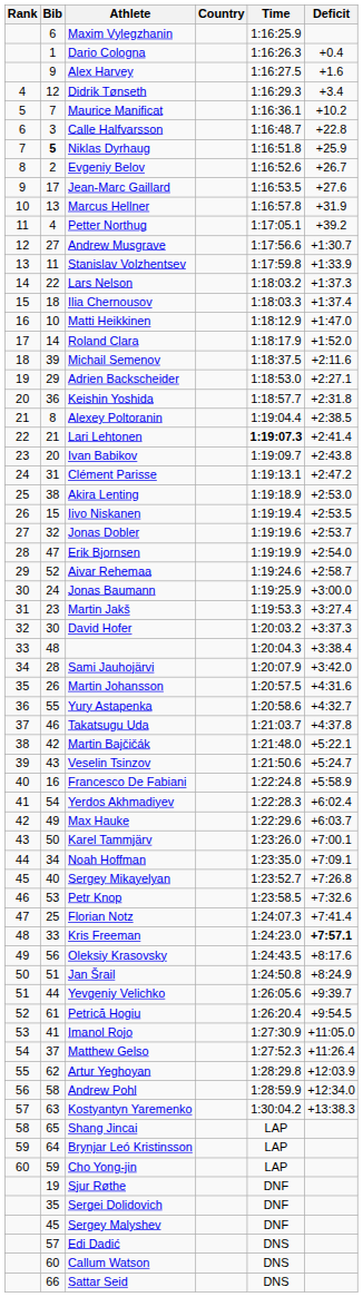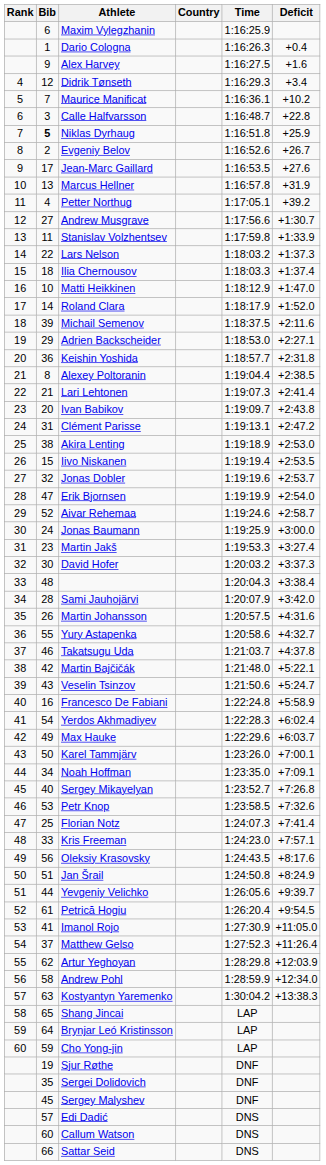 <table class="wikitable sortable" style="text-align:center">
 <tr>
 <th>Rank</th>
 <th>Bib</th>
 <th>Athlete</th>
 <th>Country</th>
 <th>Time</th>
 <th>Deficit</th>
 </tr>
 <tr>
 <td></td>
 <td>6</td>
 <td align=left><a href='#'>Maxim Vylegzhanin</a></td>
 <td align=left></td>
 <td>1:16:25.9</td>
 <td></td>
 </tr>
 <tr>
 <td></td>
 <td>1</td>
 <td align=left><a href='#'>Dario Cologna</a></td>
 <td align=left></td>
 <td>1:16:26.3</td>
 <td>+0.4</td>
 </tr>
 <tr>
 <td></td>
 <td>9</td>
 <td align=left><a href='#'>Alex Harvey</a></td>
 <td align=left></td>
 <td>1:16:27.5</td>
 <td>+1.6</td>
 </tr>
 <tr>
 <td>4</td>
 <td>12</td>
 <td align=left><a href='#'>Didrik Tønseth</a></td>
 <td align=left></td>
 <td>1:16:29.3</td>
 <td>+3.4</td>
 </tr>
 <tr>
 <td>5</td>
 <td>7</td>
 <td align=left><a href='#'>Maurice Manificat</a></td>
 <td align=left></td>
 <td>1:16:36.1</td>
 <td>+10.2</td>
 </tr>
 <tr>
 <td>6</td>
 <td>3</td>
 <td align=left><a href='#'>Calle Halfvarsson</a></td>
 <td align=left></td>
 <td>1:16:48.7</td>
 <td>+22.8</td>
 </tr>
 <tr>
 <td>7</td>
 <td><strong>5</strong></td>
 <td align=left><a href='#'>Niklas Dyrhaug</a></td>
 <td align=left></td>
 <td>1:16:51.8</td>
 <td>+25.9</td>
 </tr>
 <tr>
 <td>8</td>
 <td>2</td>
 <td align=left><a href='#'>Evgeniy Belov</a></td>
 <td align=left></td>
 <td>1:16:52.6</td>
 <td>+26.7</td>
 </tr>
 <tr>
 <td>9</td>
 <td>17</td>
 <td align=left><a href='#'>Jean-Marc Gaillard</a></td>
 <td align=left></td>
 <td>1:16:53.5</td>
 <td>+27.6</td>
 </tr>
 <tr>
 <td>10</td>
 <td>13</td>
 <td align=left><a href='#'>Marcus Hellner</a></td>
 <td align=left></td>
 <td>1:16:57.8</td>
 <td>+31.9</td>
 </tr>
 <tr>
 <td>11</td>
 <td>4</td>
 <td align=left><a href='#'>Petter Northug</a></td>
 <td align=left></td>
 <td>1:17:05.1</td>
 <td>+39.2</td>
 </tr>
 <tr>
 <td>12</td>
 <td>27</td>
 <td align=left><a href='#'>Andrew Musgrave</a></td>
 <td align=left></td>
 <td>1:17:56.6</td>
 <td>+1:30.7</td>
 </tr>
 <tr>
 <td>13</td>
 <td>11</td>
 <td align=left><a href='#'>Stanislav Volzhentsev</a></td>
 <td align=left></td>
 <td>1:17:59.8</td>
 <td>+1:33.9</td>
 </tr>
 <tr>
 <td>14</td>
 <td>22</td>
 <td align=left><a href='#'>Lars Nelson</a></td>
 <td align=left></td>
 <td>1:18:03.2</td>
 <td>+1:37.3</td>
 </tr>
 <tr>
 <td>15</td>
 <td>18</td>
 <td align=left><a href='#'>Ilia Chernousov</a></td>
 <td align=left></td>
 <td>1:18:03.3</td>
 <td>+1:37.4</td>
 </tr>
 <tr>
 <td>16</td>
 <td>10</td>
 <td align=left><a href='#'>Matti Heikkinen</a></td>
 <td align=left></td>
 <td>1:18:12.9</td>
 <td>+1:47.0</td>
 </tr>
 <tr>
 <td>17</td>
 <td>14</td>
 <td align=left><a href='#'>Roland Clara</a></td>
 <td align=left></td>
 <td>1:18:17.9</td>
 <td>+1:52.0</td>
 </tr>
 <tr>
 <td>18</td>
 <td>39</td>
 <td align=left><a href='#'>Michail Semenov</a></td>
 <td align=left></td>
 <td>1:18:37.5</td>
 <td>+2:11.6</td>
 </tr>
 <tr>
 <td>19</td>
 <td>29</td>
 <td align=left><a href='#'>Adrien Backscheider</a></td>
 <td align=left></td>
 <td>1:18:53.0</td>
 <td>+2:27.1</td>
 </tr>
 <tr>
 <td>20</td>
 <td>36</td>
 <td align=left><a href='#'>Keishin Yoshida</a></td>
 <td align=left></td>
 <td>1:18:57.7</td>
 <td>+2:31.8</td>
 </tr>
 <tr>
 <td>21</td>
 <td>8</td>
 <td align=left><a href='#'>Alexey Poltoranin</a></td>
 <td align=left></td>
 <td>1:19:04.4</td>
 <td>+2:38.5</td>
 </tr>
 <tr>
 <td>22</td>
 <td>21</td>
 <td align=left><a href='#'>Lari Lehtonen</a></td>
 <td align=left></td>
-<td><strong>1:19:07.3</strong></td>
+<td>1:19:07.3</td>
 <td>+2:41.4</td>
 </tr>
 <tr>
 <td>23</td>
 <td>20</td>
 <td align=left><a href='#'>Ivan Babikov</a></td>
 <td align=left></td>
 <td>1:19:09.7</td>
 <td>+2:43.8</td>
 </tr>
 <tr>
 <td>24</td>
 <td>31</td>
 <td align=left><a href='#'>Clément Parisse</a></td>
 <td align=left></td>
 <td>1:19:13.1</td>
 <td>+2:47.2</td>
 </tr>
 <tr>
 <td>25</td>
 <td>38</td>
 <td align=left><a href='#'>Akira Lenting</a></td>
 <td align=left></td>
 <td>1:19:18.9</td>
 <td>+2:53.0</td>
 </tr>
 <tr>
 <td>26</td>
 <td>15</td>
 <td align=left><a href='#'>Iivo Niskanen</a></td>
 <td align=left></td>
 <td>1:19:19.4</td>
 <td>+2:53.5</td>
 </tr>
 <tr>
 <td>27</td>
 <td>32</td>
 <td align=left><a href='#'>Jonas Dobler</a></td>
 <td align=left></td>
 <td>1:19:19.6</td>
 <td>+2:53.7</td>
 </tr>
 <tr>
 <td>28</td>
 <td>47</td>
 <td align=left><a href='#'>Erik Bjornsen</a></td>
 <td align=left></td>
 <td>1:19:19.9</td>
 <td>+2:54.0</td>
 </tr>
 <tr>
 <td>29</td>
 <td>52</td>
 <td align=left><a href='#'>Aivar Rehemaa</a></td>
 <td align=left></td>
 <td>1:19:24.6</td>
 <td>+2:58.7</td>
 </tr>
 <tr>
 <td>30</td>
 <td>24</td>
 <td align=left><a href='#'>Jonas Baumann</a></td>
 <td align=left></td>
 <td>1:19:25.9</td>
 <td>+3:00.0</td>
 </tr>
 <tr>
 <td>31</td>
 <td>23</td>
 <td align=left><a href='#'>Martin Jakš</a></td>
 <td align=left></td>
 <td>1:19:53.3</td>
 <td>+3:27.4</td>
 </tr>
 <tr>
 <td>32</td>
 <td>30</td>
 <td align=left><a href='#'>David Hofer</a></td>
 <td align=left></td>
 <td>1:20:03.2</td>
 <td>+3:37.3</td>
 </tr>
 <tr>
 <td>33</td>
 <td>48</td>
 <td align=left></td>
 <td align=left></td>
 <td>1:20:04.3</td>
 <td>+3:38.4</td>
 </tr>
 <tr>
 <td>34</td>
 <td>28</td>
 <td align=left><a href='#'>Sami Jauhojärvi</a></td>
 <td align=left></td>
 <td>1:20:07.9</td>
 <td>+3:42.0</td>
 </tr>
 <tr>
 <td>35</td>
 <td>26</td>
 <td align=left><a href='#'>Martin Johansson</a></td>
 <td align=left></td>
 <td>1:20:57.5</td>
 <td>+4:31.6</td>
 </tr>
 <tr>
 <td>36</td>
 <td>55</td>
 <td align=left><a href='#'>Yury Astapenka</a></td>
 <td align=left></td>
 <td>1:20:58.6</td>
 <td>+4:32.7</td>
 </tr>
 <tr>
 <td>37</td>
 <td>46</td>
 <td align=left><a href='#'>Takatsugu Uda</a></td>
 <td align=left></td>
 <td>1:21:03.7</td>
 <td>+4:37.8</td>
 </tr>
 <tr>
 <td>38</td>
 <td>42</td>
 <td align=left><a href='#'>Martin Bajčičák</a></td>
 <td align=left></td>
 <td>1:21:48.0</td>
 <td>+5:22.1</td>
 </tr>
 <tr>
 <td>39</td>
 <td>43</td>
 <td align=left><a href='#'>Veselin Tsinzov</a></td>
 <td align=left></td>
 <td>1:21:50.6</td>
 <td>+5:24.7</td>
 </tr>
 <tr>
 <td>40</td>
 <td>16</td>
 <td align=left><a href='#'>Francesco De Fabiani</a></td>
 <td align=left></td>
 <td>1:22:24.8</td>
 <td>+5:58.9</td>
 </tr>
 <tr>
 <td>41</td>
 <td>54</td>
 <td align=left><a href='#'>Yerdos Akhmadiyev</a></td>
 <td align=left></td>
 <td>1:22:28.3</td>
 <td>+6:02.4</td>
 </tr>
 <tr>
 <td>42</td>
 <td>49</td>
 <td align=left><a href='#'>Max Hauke</a></td>
 <td align=left></td>
 <td>1:22:29.6</td>
 <td>+6:03.7</td>
 </tr>
 <tr>
 <td>43</td>
 <td>50</td>
 <td align=left><a href='#'>Karel Tammjärv</a></td>
 <td align=left></td>
 <td>1:23:26.0</td>
 <td>+7:00.1</td>
 </tr>
 <tr>
 <td>44</td>
 <td>34</td>
 <td align=left><a href='#'>Noah Hoffman</a></td>
 <td align=left></td>
 <td>1:23:35.0</td>
 <td>+7:09.1</td>
 </tr>
 <tr>
 <td>45</td>
 <td>40</td>
 <td align=left><a href='#'>Sergey Mikayelyan</a></td>
 <td align=left></td>
 <td>1:23:52.7</td>
 <td>+7:26.8</td>
 </tr>
 <tr>
 <td>46</td>
 <td>53</td>
 <td align=left><a href='#'>Petr Knop</a></td>
 <td align=left></td>
 <td>1:23:58.5</td>
 <td>+7:32.6</td>
 </tr>
 <tr>
 <td>47</td>
 <td>25</td>
 <td align=left><a href='#'>Florian Notz</a></td>
 <td align=left></td>
 <td>1:24:07.3</td>
 <td>+7:41.4</td>
 </tr>
 <tr>
 <td>48</td>
 <td>33</td>
 <td align=left><a href='#'>Kris Freeman</a></td>
 <td align=left></td>
 <td>1:24:23.0</td>
-<td><strong>+7:57.1</strong></td>
+<td>+7:57.1</td>
 </tr>
 <tr>
 <td>49</td>
 <td>56</td>
 <td align=left><a href='#'>Oleksiy Krasovsky</a></td>
 <td align=left></td>
 <td>1:24:43.5</td>
 <td>+8:17.6</td>
 </tr>
 <tr>
 <td>50</td>
 <td>51</td>
 <td align=left><a href='#'>Jan Šrail</a></td>
 <td align=left></td>
 <td>1:24:50.8</td>
 <td>+8:24.9</td>
 </tr>
 <tr>
 <td>51</td>
 <td>44</td>
 <td align=left><a href='#'>Yevgeniy Velichko</a></td>
 <td align=left></td>
 <td>1:26:05.6</td>
 <td>+9:39.7</td>
 </tr>
 <tr>
 <td>52</td>
 <td>61</td>
 <td align=left><a href='#'>Petrică Hogiu</a></td>
 <td align=left></td>
 <td>1:26:20.4</td>
 <td>+9:54.5</td>
 </tr>
 <tr>
 <td>53</td>
 <td>41</td>
 <td align=left><a href='#'>Imanol Rojo</a></td>
 <td align=left></td>
 <td>1:27:30.9</td>
 <td>+11:05.0</td>
 </tr>
 <tr>
 <td>54</td>
 <td>37</td>
 <td align=left><a href='#'>Matthew Gelso</a></td>
 <td align=left></td>
 <td>1:27:52.3</td>
 <td>+11:26.4</td>
 </tr>
 <tr>
 <td>55</td>
 <td>62</td>
 <td align=left><a href='#'>Artur Yeghoyan</a></td>
 <td align=left></td>
 <td>1:28:29.8</td>
 <td>+12:03.9</td>
 </tr>
 <tr>
 <td>56</td>
 <td>58</td>
 <td align=left><a href='#'>Andrew Pohl</a></td>
 <td align=left></td>
 <td>1:28:59.9</td>
 <td>+12:34.0</td>
 </tr>
 <tr>
 <td>57</td>
 <td>63</td>
 <td align=left><a href='#'>Kostyantyn Yaremenko</a></td>
 <td align=left></td>
 <td>1:30:04.2</td>
 <td>+13:38.3</td>
 </tr>
 <tr>
 <td>58</td>
 <td>65</td>
 <td align=left><a href='#'>Shang Jincai</a></td>
 <td align=left></td>
 <td>LAP</td>
 <td></td>
 </tr>
 <tr>
 <td>59</td>
 <td>64</td>
 <td align=left><a href='#'>Brynjar Leó Kristinsson</a></td>
 <td align=left></td>
 <td>LAP</td>
 <td></td>
 </tr>
 <tr>
 <td>60</td>
 <td>59</td>
 <td align=left><a href='#'>Cho Yong-jin</a></td>
 <td align=left></td>
 <td>LAP</td>
 <td></td>
 </tr>
 <tr>
 <td></td>
 <td>19</td>
 <td align=left><a href='#'>Sjur Røthe</a></td>
 <td align=left></td>
 <td>DNF</td>
 <td></td>
 </tr>
 <tr>
 <td></td>
 <td>35</td>
 <td align=left><a href='#'>Sergei Dolidovich</a></td>
 <td align=left></td>
 <td>DNF</td>
 <td></td>
 </tr>
 <tr>
 <td></td>
 <td>45</td>
 <td align=left><a href='#'>Sergey Malyshev</a></td>
 <td align=left></td>
 <td>DNF</td>
 <td></td>
 </tr>
 <tr>
 <td></td>
 <td>57</td>
 <td align=left><a href='#'>Edi Dadić</a></td>
 <td align=left></td>
 <td>DNS</td>
 <td></td>
 </tr>
 <tr>
 <td></td>
 <td>60</td>
 <td align=left><a href='#'>Callum Watson</a></td>
 <td align=left></td>
 <td>DNS</td>
 <td></td>
 </tr>
 <tr>
 <td></td>
 <td>66</td>
 <td align=left><a href='#'>Sattar Seid</a></td>
 <td align=left></td>
 <td>DNS</td>
 <td></td>
 </tr>
 </table>
